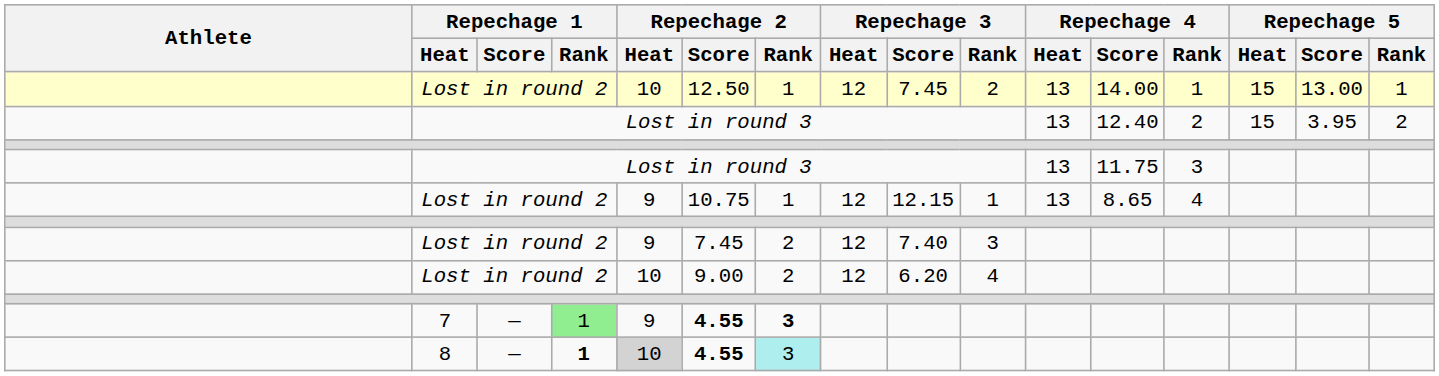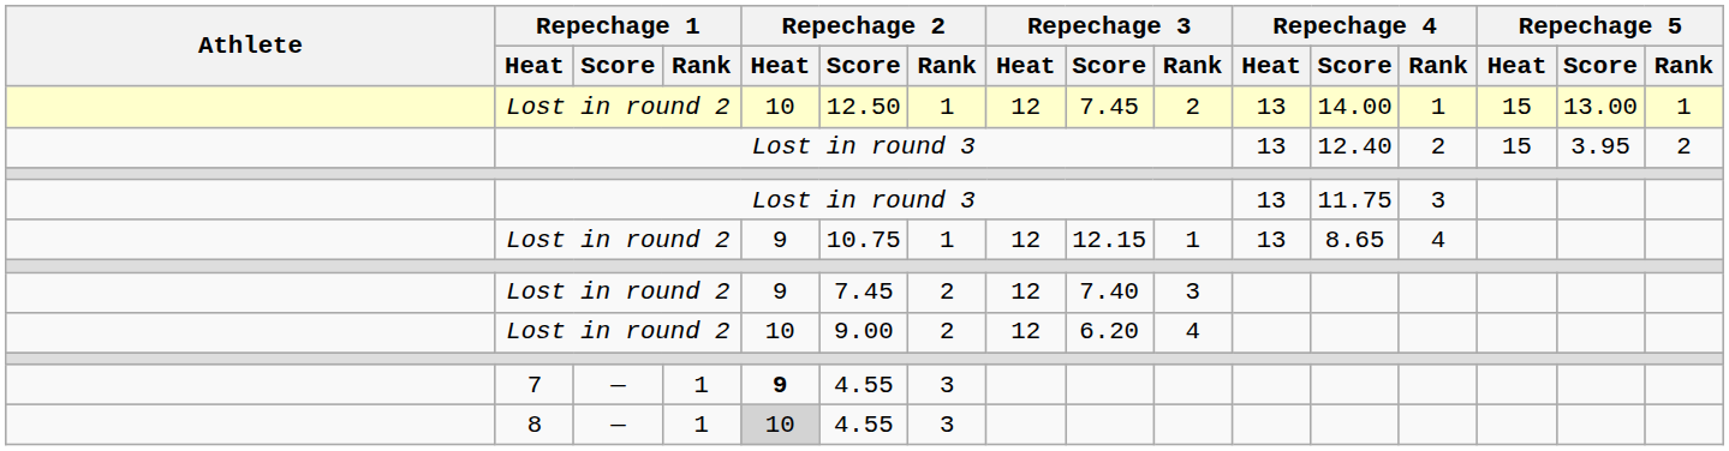 <table class=wikitable style="text-align:center">
 <tr>
 <th rowspan=2 width=250>Athlete</th>
 <th colspan=3>Repechage 1</th>
 <th colspan=3>Repechage 2</th>
 <th colspan=3>Repechage 3</th>
 <th colspan=3>Repechage 4</th>
 <th colspan=3>Repechage 5</th>
 </tr>
 <tr>
 <th width=35>Heat</th>
 <th width=40>Score</th>
 <th width=35>Rank</th>
 <th width=35>Heat</th>
 <th width=40>Score</th>
 <th width=35>Rank</th>
 <th width=35>Heat</th>
 <th width=40>Score</th>
 <th width=35>Rank</th>
 <th width=35>Heat</th>
 <th width=40>Score</th>
 <th width=35>Rank</th>
 <th width=35>Heat</th>
 <th width=40>Score</th>
 <th width=35>Rank</th>
 </tr>
 <tr bgcolor="ffffcc">
 <td align=left></td>
 <td colspan=3><em>Lost in round 2</em></td>
 <td>10</td>
 <td>12.50</td>
 <td>1</td>
 <td>12</td>
 <td>7.45</td>
 <td>2</td>
 <td>13</td>
 <td>14.00</td>
 <td>1</td>
 <td>15</td>
 <td>13.00</td>
 <td>1</td>
 </tr>
 <tr>
 <td align=left></td>
 <td colspan=9><em>Lost in round 3</em></td>
 <td>13</td>
 <td>12.40</td>
 <td>2</td>
 <td>15</td>
 <td>3.95</td>
 <td>2</td>
 </tr>
 <tr bgcolor=#DDDDDD>
 <td colspan=16></td>
 </tr>
 <tr>
 <td align=left></td>
 <td colspan=9><em>Lost in round 3</em></td>
 <td>13</td>
 <td>11.75</td>
 <td>3</td>
 <td></td>
 <td></td>
 <td></td>
 </tr>
 <tr>
 <td align=left></td>
 <td colspan=3><em>Lost in round 2</em></td>
 <td>9</td>
 <td>10.75</td>
 <td>1</td>
 <td>12</td>
 <td>12.15</td>
 <td>1</td>
 <td>13</td>
 <td>8.65</td>
 <td>4</td>
 <td></td>
 <td></td>
 <td></td>
 </tr>
 <tr bgcolor=#DDDDDD>
 <td colspan=16></td>
 </tr>
 <tr>
 <td align=left></td>
 <td colspan=3><em>Lost in round 2</em></td>
 <td>9</td>
 <td>7.45</td>
 <td>2</td>
 <td>12</td>
 <td>7.40</td>
 <td>3</td>
 <td></td>
 <td></td>
 <td></td>
 <td></td>
 <td></td>
 <td></td>
 </tr>
 <tr>
 <td align=left></td>
 <td colspan=3><em>Lost in round 2</em></td>
 <td>10</td>
 <td>9.00</td>
 <td>2</td>
 <td>12</td>
 <td>6.20</td>
 <td>4</td>
 <td></td>
 <td></td>
 <td></td>
 <td></td>
 <td></td>
 <td></td>
 </tr>
 <tr bgcolor=#DDDDDD>
 <td colspan=16></td>
 </tr>
 <tr>
 <td align=left></td>
 <td>7</td>
 <td>—</td>
-<td style="background: lightgreen;">1</td>
-<td>9</td>
-<td><strong>4.55</strong></td>
-<td><strong>3</strong></td>
+<td>1</td>
+<td><strong>9</strong></td>
+<td>4.55</td>
+<td>3</td>
 <td></td>
 <td></td>
 <td></td>
 <td></td>
 <td></td>
 <td></td>
 <td></td>
 <td></td>
 <td></td>
 </tr>
 <tr>
 <td align=left></td>
 <td>8</td>
 <td>—</td>
-<td><strong>1</strong></td>
+<td>1</td>
 <td style="background: lightgrey;">10</td>
-<td><strong>4.55</strong></td>
-<td style="background: paleturquoise;">3</td>
+<td>4.55</td>
+<td>3</td>
 <td></td>
 <td></td>
 <td></td>
 <td></td>
 <td></td>
 <td></td>
 <td></td>
 <td></td>
 <td></td>
 </tr>
 </table>
